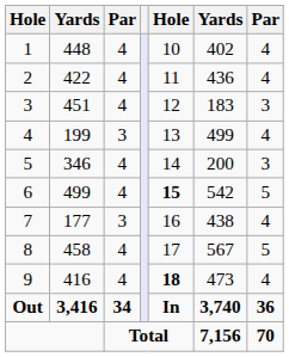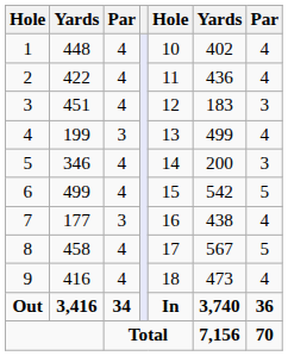 <table class="wikitable" style="text-align:center; font-size:100%;">
 <tr>
 <th>Hole</th>
 <th>Yards</th>
 <th>Par</th>
 <th></th>
 <th>Hole</th>
 <th>Yards</th>
 <th>Par</th>
 </tr>
 <tr>
 <td>1</td>
 <td>448</td>
 <td>4</td>
 <td rowspan=10 style="background:#E6E8FA;"></td>
 <td>10</td>
 <td>402</td>
 <td>4</td>
 </tr>
 <tr>
 <td>2</td>
 <td>422</td>
 <td>4</td>
 <td>11</td>
 <td>436</td>
 <td>4</td>
 </tr>
 <tr>
 <td>3</td>
 <td>451</td>
 <td>4</td>
 <td>12</td>
 <td>183</td>
 <td>3</td>
 </tr>
 <tr>
 <td>4</td>
 <td>199</td>
 <td>3</td>
 <td>13</td>
 <td>499</td>
 <td>4</td>
 </tr>
 <tr>
 <td>5</td>
 <td>346</td>
 <td>4</td>
 <td>14</td>
 <td>200</td>
 <td>3</td>
 </tr>
 <tr>
 <td>6</td>
 <td>499</td>
 <td>4</td>
-<td><strong>15</strong></td>
+<td>15</td>
 <td>542</td>
 <td>5</td>
 </tr>
 <tr>
 <td>7</td>
 <td>177</td>
 <td>3</td>
 <td>16</td>
 <td>438</td>
 <td>4</td>
 </tr>
 <tr>
 <td>8</td>
 <td>458</td>
 <td>4</td>
 <td>17</td>
 <td>567</td>
 <td>5</td>
 </tr>
 <tr>
 <td>9</td>
 <td>416</td>
 <td>4</td>
-<td><strong>18</strong></td>
+<td>18</td>
 <td>473</td>
 <td>4</td>
 </tr>
 <tr>
 <td><strong>Out</strong></td>
 <td><strong>3,416</strong></td>
 <td><strong>34</strong></td>
 <td><strong>In</strong></td>
 <td><strong>3,740</strong></td>
 <td><strong>36</strong></td>
 </tr>
 <tr>
 <td colspan=2 align=left></td>
 <td colspan=3><strong>Total</strong></td>
 <td><strong>7,156</strong></td>
 <td><strong>70</strong></td>
 </tr>
 </table>
